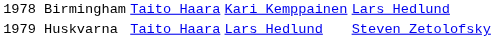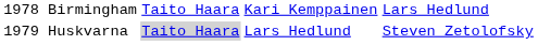 <table>
 <tr>
 <td>1978 Birmingham</td>
 <td> <a href='#'>Taito Haara</a></td>
 <td> <a href='#'>Kari Kemppainen</a></td>
 <td> <a href='#'>Lars Hedlund</a></td>
 </tr>
 <tr>
 <td>1979 Huskvarna</td>
-<td> <a href='#'>Taito Haara</a></td>
+<td style="background: lightgrey;"> <a href='#'>Taito Haara</a></td>
 <td> <a href='#'>Lars Hedlund</a></td>
 <td> <a href='#'>Steven Zetolofsky</a></td>
 </tr>
 </table>
